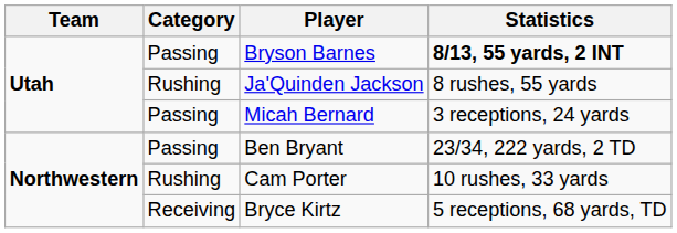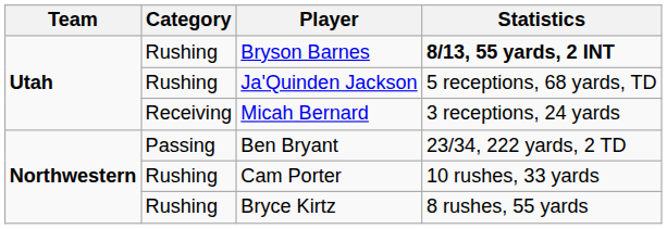 <table class="wikitable" style="float: left;">
 <tr>
 <th>Team</th>
 <th>Category</th>
 <th>Player</th>
 <th>Statistics</th>
 </tr>
 <tr>
 <td rowspan=3><strong>Utah</strong></td>
-<td>Passing</td>
+<td>Rushing</td>
 <td><a href='#'>Bryson Barnes</a></td>
 <td><strong>8/13, 55 yards, 2 INT</strong></td>
 </tr>
 <tr>
 <td>Rushing</td>
 <td><a href='#'>Ja'Quinden Jackson</a></td>
-<td>8 rushes, 55 yards</td>
+<td>5 receptions, 68 yards, TD</td>
 </tr>
 <tr>
-<td>Passing</td>
+<td>Receiving</td>
 <td><a href='#'>Micah Bernard</a></td>
 <td>3 receptions, 24 yards</td>
 </tr>
 <tr>
 <td rowspan=3><strong>Northwestern</strong></td>
 <td>Passing</td>
 <td>Ben Bryant</td>
 <td>23/34, 222 yards, 2 TD</td>
 </tr>
 <tr>
 <td>Rushing</td>
 <td>Cam Porter</td>
 <td>10 rushes, 33 yards</td>
 </tr>
 <tr>
-<td>Receiving</td>
+<td>Rushing</td>
 <td>Bryce Kirtz</td>
-<td>5 receptions, 68 yards, TD</td>
+<td>8 rushes, 55 yards</td>
 </tr>
 </table>
